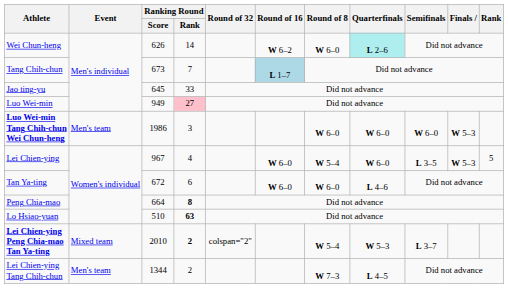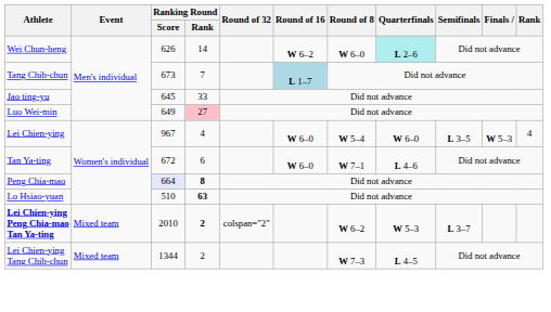 <table class="wikitable" style="font-size:85%; text-align:center">
 <tr>
 <th rowspan="2">Athlete</th>
 <th rowspan="2">Event</th>
 <th colspan="2">Ranking Round</th>
 <th rowspan="2">Round of 32</th>
 <th rowspan="2">Round of 16</th>
 <th rowspan="2">Round of 8</th>
 <th rowspan="2">Quarterfinals</th>
 <th rowspan="2">Semifinals</th>
 <th rowspan="2">Finals / </th>
 <th rowspan="2">Rank</th>
 </tr>
 <tr>
 <th>Score</th>
 <th>Rank</th>
 </tr>
 <tr>
 <td align="left"><a href='#'>Wei Chun-heng</a></td>
 <td align="left" rowspan="4"><a href='#'>Men's individual</a></td>
 <td>626</td>
 <td>14</td>
 <td></td>
 <td><br><strong>W</strong> 6–2</td>
 <td><br><strong>W</strong> 6–0</td>
 <td style="background: paleturquoise;"><br><strong>L</strong> 2–6</td>
 <td colspan="3">Did not advance</td>
 </tr>
 <tr>
 <td align="left"><a href='#'>Tang Chih-chun</a></td>
 <td>673</td>
 <td>7</td>
 <td></td>
 <td style="background: lightblue;"><br><strong>L</strong> 1–7</td>
 <td colspan="5">Did not advance</td>
 </tr>
 <tr>
 <td align="left"><a href='#'>Jao ting-yu</a></td>
 <td>645</td>
 <td>33</td>
 <td colspan="7">Did not advance</td>
 </tr>
 <tr>
 <td align="left"><a href='#'>Luo Wei-min</a></td>
-<td>949</td>
+<td>649</td>
 <td style="background: pink;">27</td>
 <td colspan="7">Did not advance</td>
-</tr>
-<tr>
-<td align="left"><strong><a href='#'>Luo Wei-min</a> <br> <a href='#'>Tang Chih-chun</a> <br> <a href='#'>Wei Chun-heng</a></strong></td>
-<td align="left"><a href='#'>Men's team</a></td>
-<td>1986</td>
-<td>3</td>
-<td></td>
-<td></td>
-<td><br><strong>W</strong> 6–0</td>
-<td><br><strong>W</strong> 6–0</td>
-<td><br><strong>W</strong> 6–0</td>
-<td><br><strong>W</strong> 5–3</td>
-<td></td>
 </tr>
 <tr>
 <td align="left"><a href='#'>Lei Chien-ying</a></td>
 <td rowspan="4"><a href='#'>Women's individual</a></td>
 <td>967</td>
 <td>4</td>
 <td></td>
 <td><br><strong>W</strong> 6–0</td>
 <td><br><strong>W</strong> 5–4</td>
 <td><br><strong>W</strong> 6–0</td>
 <td><br><strong>L</strong> 3–5</td>
 <td><br><strong>W</strong> 5–3</td>
-<td>5</td>
+<td>4</td>
 </tr>
 <tr>
 <td align="left"><a href='#'>Tan Ya-ting</a></td>
 <td>672</td>
 <td>6</td>
 <td></td>
 <td><br><strong>W</strong> 6–0</td>
-<td><br><strong>W</strong> 6–0</td>
+<td><br><strong>W</strong> 7–1</td>
 <td><br><strong>L</strong> 4–6</td>
 <td colspan="3">Did not advance</td>
 </tr>
 <tr>
 <td align="left"><a href='#'>Peng Chia-mao</a></td>
-<td>664</td>
+<td style="background: lavender;">664</td>
 <td><strong>8</strong></td>
 <td colspan="7">Did not advance</td>
 </tr>
 <tr>
 <td align="left"><a href='#'>Lo Hsiao-yuan</a></td>
 <td>510</td>
 <td><strong>63</strong></td>
 <td colspan="7">Did not advance</td>
 </tr>
 <tr>
 <td align="left"><strong><a href='#'>Lei Chien-ying</a> <br> <a href='#'>Peng Chia-mao</a> <br> <a href='#'>Tan Ya-ting</a></strong></td>
 <td align="left"><a href='#'>Mixed team</a></td>
 <td>2010</td>
 <td><strong>2</strong></td>
 <td>colspan="2" </td>
 <td></td>
-<td><br><strong>W</strong> 5–4</td>
+<td><br><strong>W</strong> 6–2</td>
 <td><br><strong>W</strong> 5–3</td>
 <td><br><strong>L</strong> 3–7</td>
 <td></td>
 </tr>
 <tr>
 <td align="left"><a href='#'>Lei Chien-ying</a> <br> <a href='#'>Tang Chih-chun</a></td>
-<td align="left"><a href='#'>Men's team</a></td>
+<td align="left"><a href='#'>Mixed team</a></td>
 <td>1344</td>
 <td>2</td>
 <td></td>
 <td></td>
 <td><br><strong>W</strong> 7–3</td>
 <td><br><strong>L</strong> 4–5</td>
 <td colspan="3">Did not advance</td>
 </tr>
 </table>
